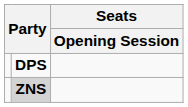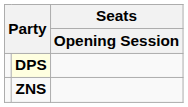 <table class="wikitable">
 <tr>
 <th colspan="2" rowspan="2">Party</th>
 <th colspan="2">Seats</th>
 </tr>
 <tr>
 <th>Opening Session</th>
 </tr>
 <tr>
 <td style="color:inherit;background:"></td>
-<td style="text-align:center"><strong>DPS</strong></td>
+<td style="background: lightyellow; text-align:center"><strong>DPS</strong></td>
 <td></td>
 </tr>
 <tr>
 <td style="color:inherit;background:"></td>
-<td style="background: lightgrey; text-align:center"><strong>ZNS</strong></td>
+<td style="text-align:center"><strong>ZNS</strong></td>
 <td></td>
 </tr>
 </table>
